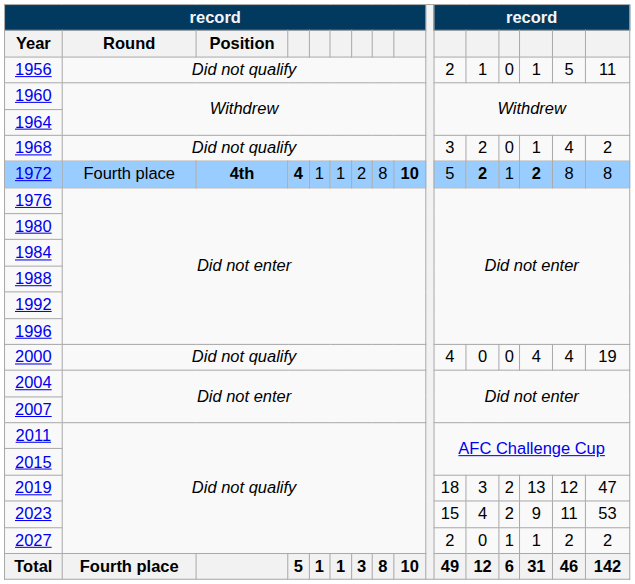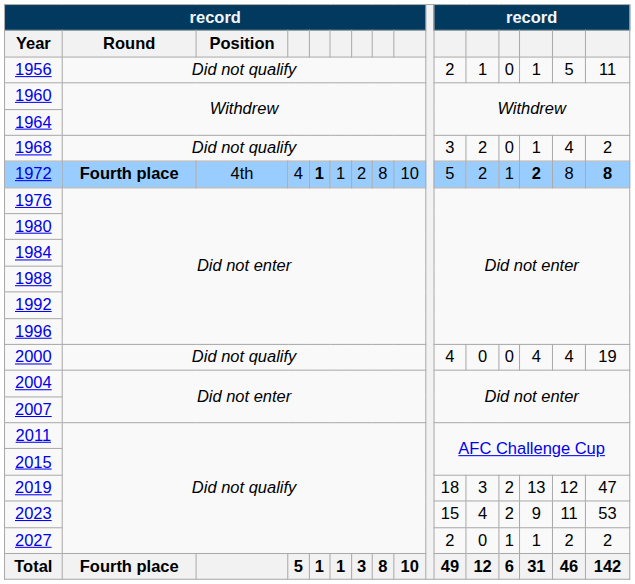 <table class="wikitable" style="text-align: center;">
 <tr>
 <th colspan="9" style="background:#013A5E; color:#F4F5F8;"><a href='#'></a> record</th>
 <th style="width:1%;" rowspan="23"></th>
 <th colspan="6" style="background:#013A5E; color:#F4F5F8;"> record</th>
 </tr>
 <tr>
 <th>Year</th>
 <th>Round</th>
 <th>Position</th>
 <th></th>
 <th></th>
 <th></th>
 <th></th>
 <th></th>
 <th></th>
 <th></th>
 <th></th>
 <th></th>
 <th></th>
 <th></th>
 <th></th>
 </tr>
 <tr>
 <td> <a href='#'>1956</a></td>
 <td colspan="8"><em>Did not qualify</em></td>
 <td>2</td>
 <td>1</td>
 <td>0</td>
 <td>1</td>
 <td>5</td>
 <td>11</td>
 </tr>
 <tr>
 <td> <a href='#'>1960</a></td>
 <td rowspan=2 colspan=8><em>Withdrew</em></td>
 <td rowspan=2 colspan=6><em>Withdrew</em></td>
 </tr>
 <tr>
 <td> <a href='#'>1964</a></td>
 </tr>
 <tr>
 <td> <a href='#'>1968</a></td>
 <td colspan="8"><em>Did not qualify</em></td>
 <td>3</td>
 <td>2</td>
 <td>0</td>
 <td>1</td>
 <td>4</td>
 <td>2</td>
 </tr>
 <tr style="background:#9acdff;">
 <td> <a href='#'>1972</a></td>
-<td>Fourth place</td>
-<td><strong>4th</strong></td>
-<td><strong>4</strong></td>
-<td>1</td>
+<td><strong>Fourth place</strong></td>
+<td>4th</td>
+<td>4</td>
+<td><strong>1</strong></td>
 <td>1</td>
 <td>2</td>
 <td>8</td>
-<td><strong>10</strong></td>
+<td>10</td>
 <td>5</td>
-<td><strong>2</strong></td>
+<td>2</td>
 <td>1</td>
 <td><strong>2</strong></td>
 <td>8</td>
-<td>8</td>
+<td><strong>8</strong></td>
 </tr>
 <tr>
 <td> <a href='#'>1976</a></td>
 <td rowspan=6 colspan=8><em>Did not enter</em></td>
 <td rowspan=6 colspan=6><em>Did not enter</em></td>
 </tr>
 <tr>
 <td> <a href='#'>1980</a></td>
 </tr>
 <tr>
 <td> <a href='#'>1984</a></td>
 </tr>
 <tr>
 <td> <a href='#'>1988</a></td>
 </tr>
 <tr>
 <td> <a href='#'>1992</a></td>
 </tr>
 <tr>
 <td> <a href='#'>1996</a></td>
 </tr>
 <tr>
 <td> <a href='#'>2000</a></td>
 <td colspan="8"><em>Did not qualify</em></td>
 <td>4</td>
 <td>0</td>
 <td>0</td>
 <td>4</td>
 <td>4</td>
 <td>19</td>
 </tr>
 <tr>
 <td> <a href='#'>2004</a></td>
 <td rowspan=2 colspan=8><em>Did not enter</em></td>
 <td rowspan=2 colspan=6><em>Did not enter</em></td>
 </tr>
 <tr>
 <td>    <a href='#'>2007</a></td>
 </tr>
 <tr>
 <td> <a href='#'>2011</a></td>
 <td rowspan=5 colspan=8><em>Did not qualify</em></td>
 <td colspan=6 rowspan=2><a href='#'>AFC Challenge Cup</a></td>
 </tr>
 <tr>
 <td> <a href='#'>2015</a></td>
 </tr>
 <tr>
 <td> <a href='#'>2019</a></td>
 <td>18</td>
 <td>3</td>
 <td>2</td>
 <td>13</td>
 <td>12</td>
 <td>47</td>
 </tr>
 <tr>
 <td> <a href='#'>2023</a></td>
 <td>15</td>
 <td>4</td>
 <td>2</td>
 <td>9</td>
 <td>11</td>
 <td>53</td>
 </tr>
 <tr>
 <td> <a href='#'>2027</a></td>
 <td>2</td>
 <td>0</td>
 <td>1</td>
 <td>1</td>
 <td>2</td>
 <td>2</td>
 </tr>
 <tr>
 <th><strong>Total</strong></th>
 <th>Fourth place</th>
 <th></th>
 <th><strong>5</strong></th>
 <th><strong>1</strong></th>
 <th><strong>1</strong></th>
 <th><strong>3</strong></th>
 <th><strong>8</strong></th>
 <th><strong>10</strong></th>
 <th><strong>49</strong></th>
 <th><strong>12</strong></th>
 <th><strong>6</strong></th>
 <th><strong>31</strong></th>
 <th><strong>46</strong></th>
 <th><strong>142</strong></th>
 </tr>
 </table>
